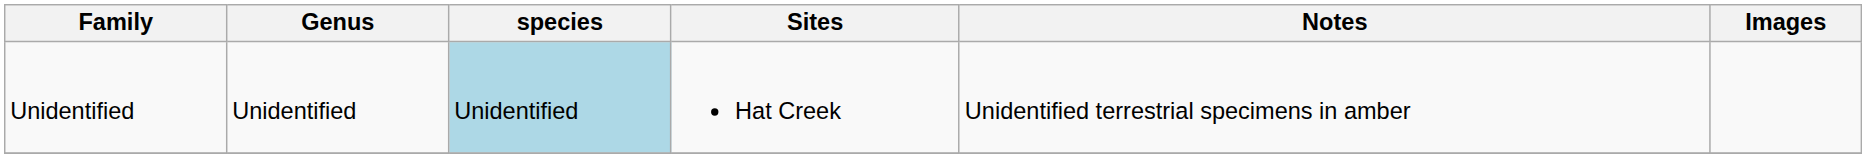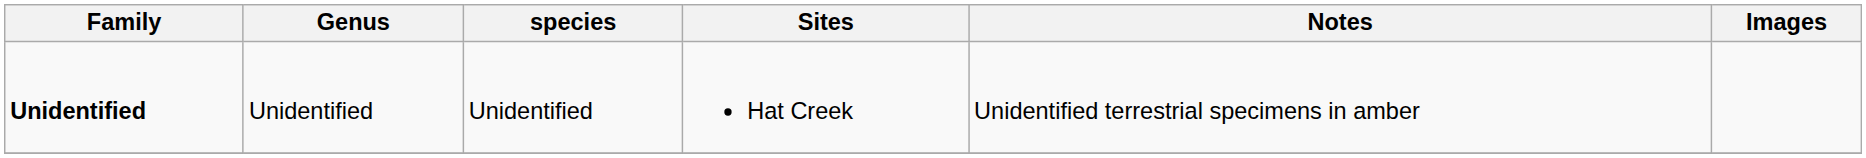 <table class="wikitable sortable"  style="margin:auto; width:100%;">
 <tr>
 <th>Family</th>
 <th>Genus</th>
 <th>species</th>
 <th>Sites</th>
 <th>Notes</th>
 <th>Images</th>
 </tr>
 <tr>
+<td><strong><br>Unidentified</strong></td>
 <td><br>Unidentified</td>
 <td><br>Unidentified</td>
-<td style="background: lightblue;"><br>Unidentified</td>
 <td><br><ul><li>Hat Creek</li></ul></td>
 <td><br>Unidentified terrestrial specimens in amber</td>
 <td></td>
 </tr>
 <tr>
 </tr>
 </table>
